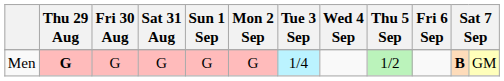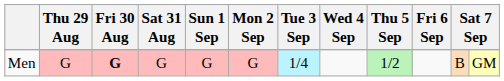 <table class="wikitable" style="margin:0.5em auto; font-size:90%; line-height:1.25em;">
 <tr>
 <th></th>
 <th>Thu 29<br>Aug</th>
 <th>Fri 30<br>Aug</th>
 <th>Sat 31<br>Aug</th>
 <th>Sun 1<br>Sep</th>
 <th>Mon 2<br>Sep</th>
 <th>Tue 3<br>Sep</th>
 <th>Wed 4<br>Sep</th>
 <th>Thu 5<br>Sep</th>
 <th>Fri 6<br>Sep</th>
 <th colspan="2">Sat 7<br>Sep</th>
 </tr>
 <tr>
 </tr>
 <tr align="center">
 <td align="left">Men</td>
+<td bgcolor="#FFBBBB">G</td>
 <td bgcolor="#FFBBBB"><strong>G</strong></td>
-<td bgcolor="#FFBBBB">G</td>
 <td bgcolor="#FFBBBB">G</td>
 <td bgcolor="#FFBBBB">G</td>
 <td bgcolor="#FFBBBB">G</td>
 <td bgcolor="#BBF3FF">1/4</td>
 <td></td>
 <td bgcolor="#BBF3BB">1/2</td>
 <td></td>
-<td bgcolor="#FEDCBA"><strong>B</strong></td>
+<td bgcolor="#FEDCBA">B</td>
 <td bgcolor="#FFFFBB">GM</td>
 </tr>
 </table>
